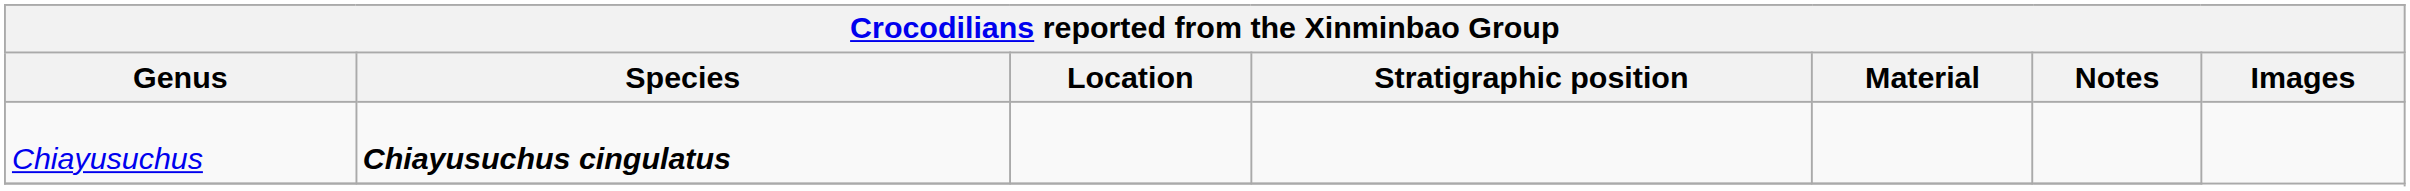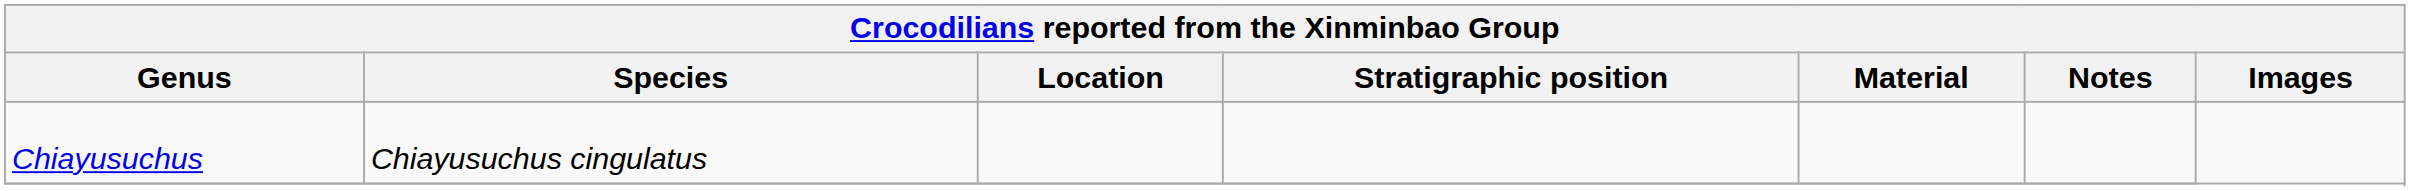 <table class="wikitable" align="center" width="100%">
 <tr>
 <th colspan="7" align="center"><strong><a href='#'>Crocodilians</a> reported from the Xinminbao Group</strong></th>
 </tr>
 <tr>
 <th>Genus</th>
 <th>Species</th>
 <th>Location</th>
 <th>Stratigraphic position</th>
 <th>Material</th>
 <th>Notes</th>
 <th>Images</th>
 </tr>
 <tr>
 <td><br><em><a href='#'>Chiayusuchus</a></em></td>
-<td><strong><br><em>Chiayusuchus cingulatus</em></strong></td>
+<td><br><em>Chiayusuchus cingulatus</em></td>
 <td></td>
 <td></td>
 <td></td>
 <td></td>
 <td rowspan="99"></td>
 </tr>
 <tr>
 </tr>
 </table>
